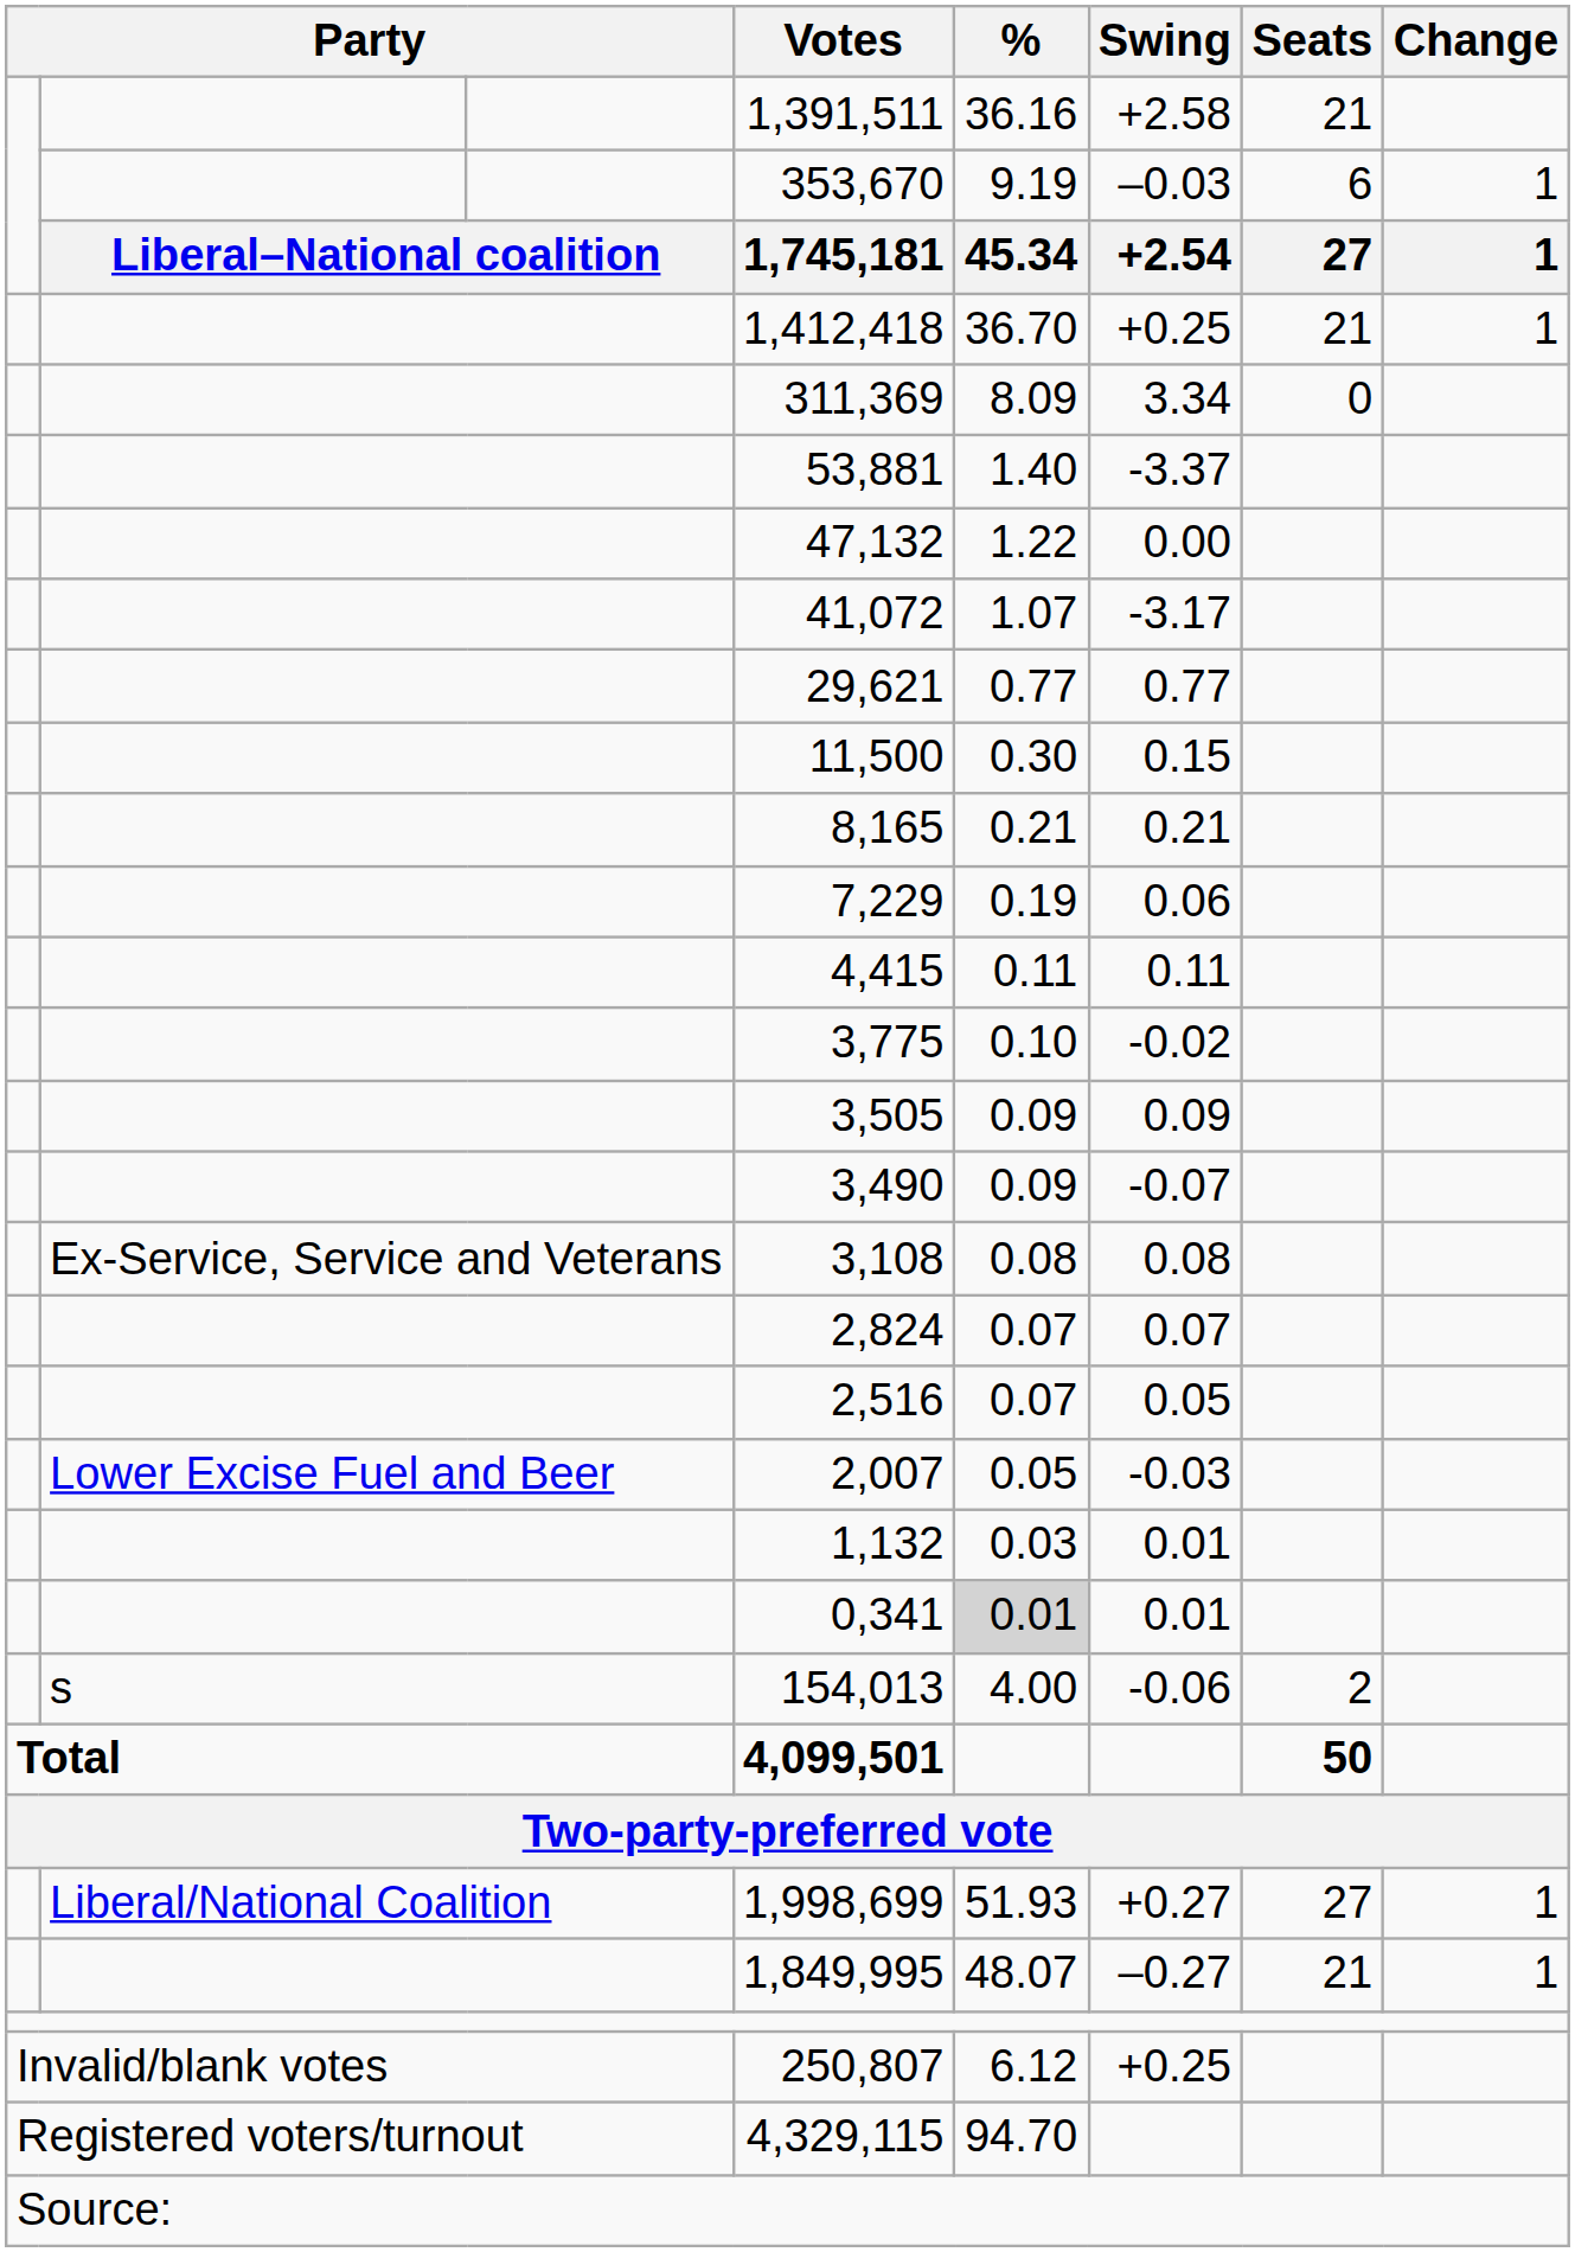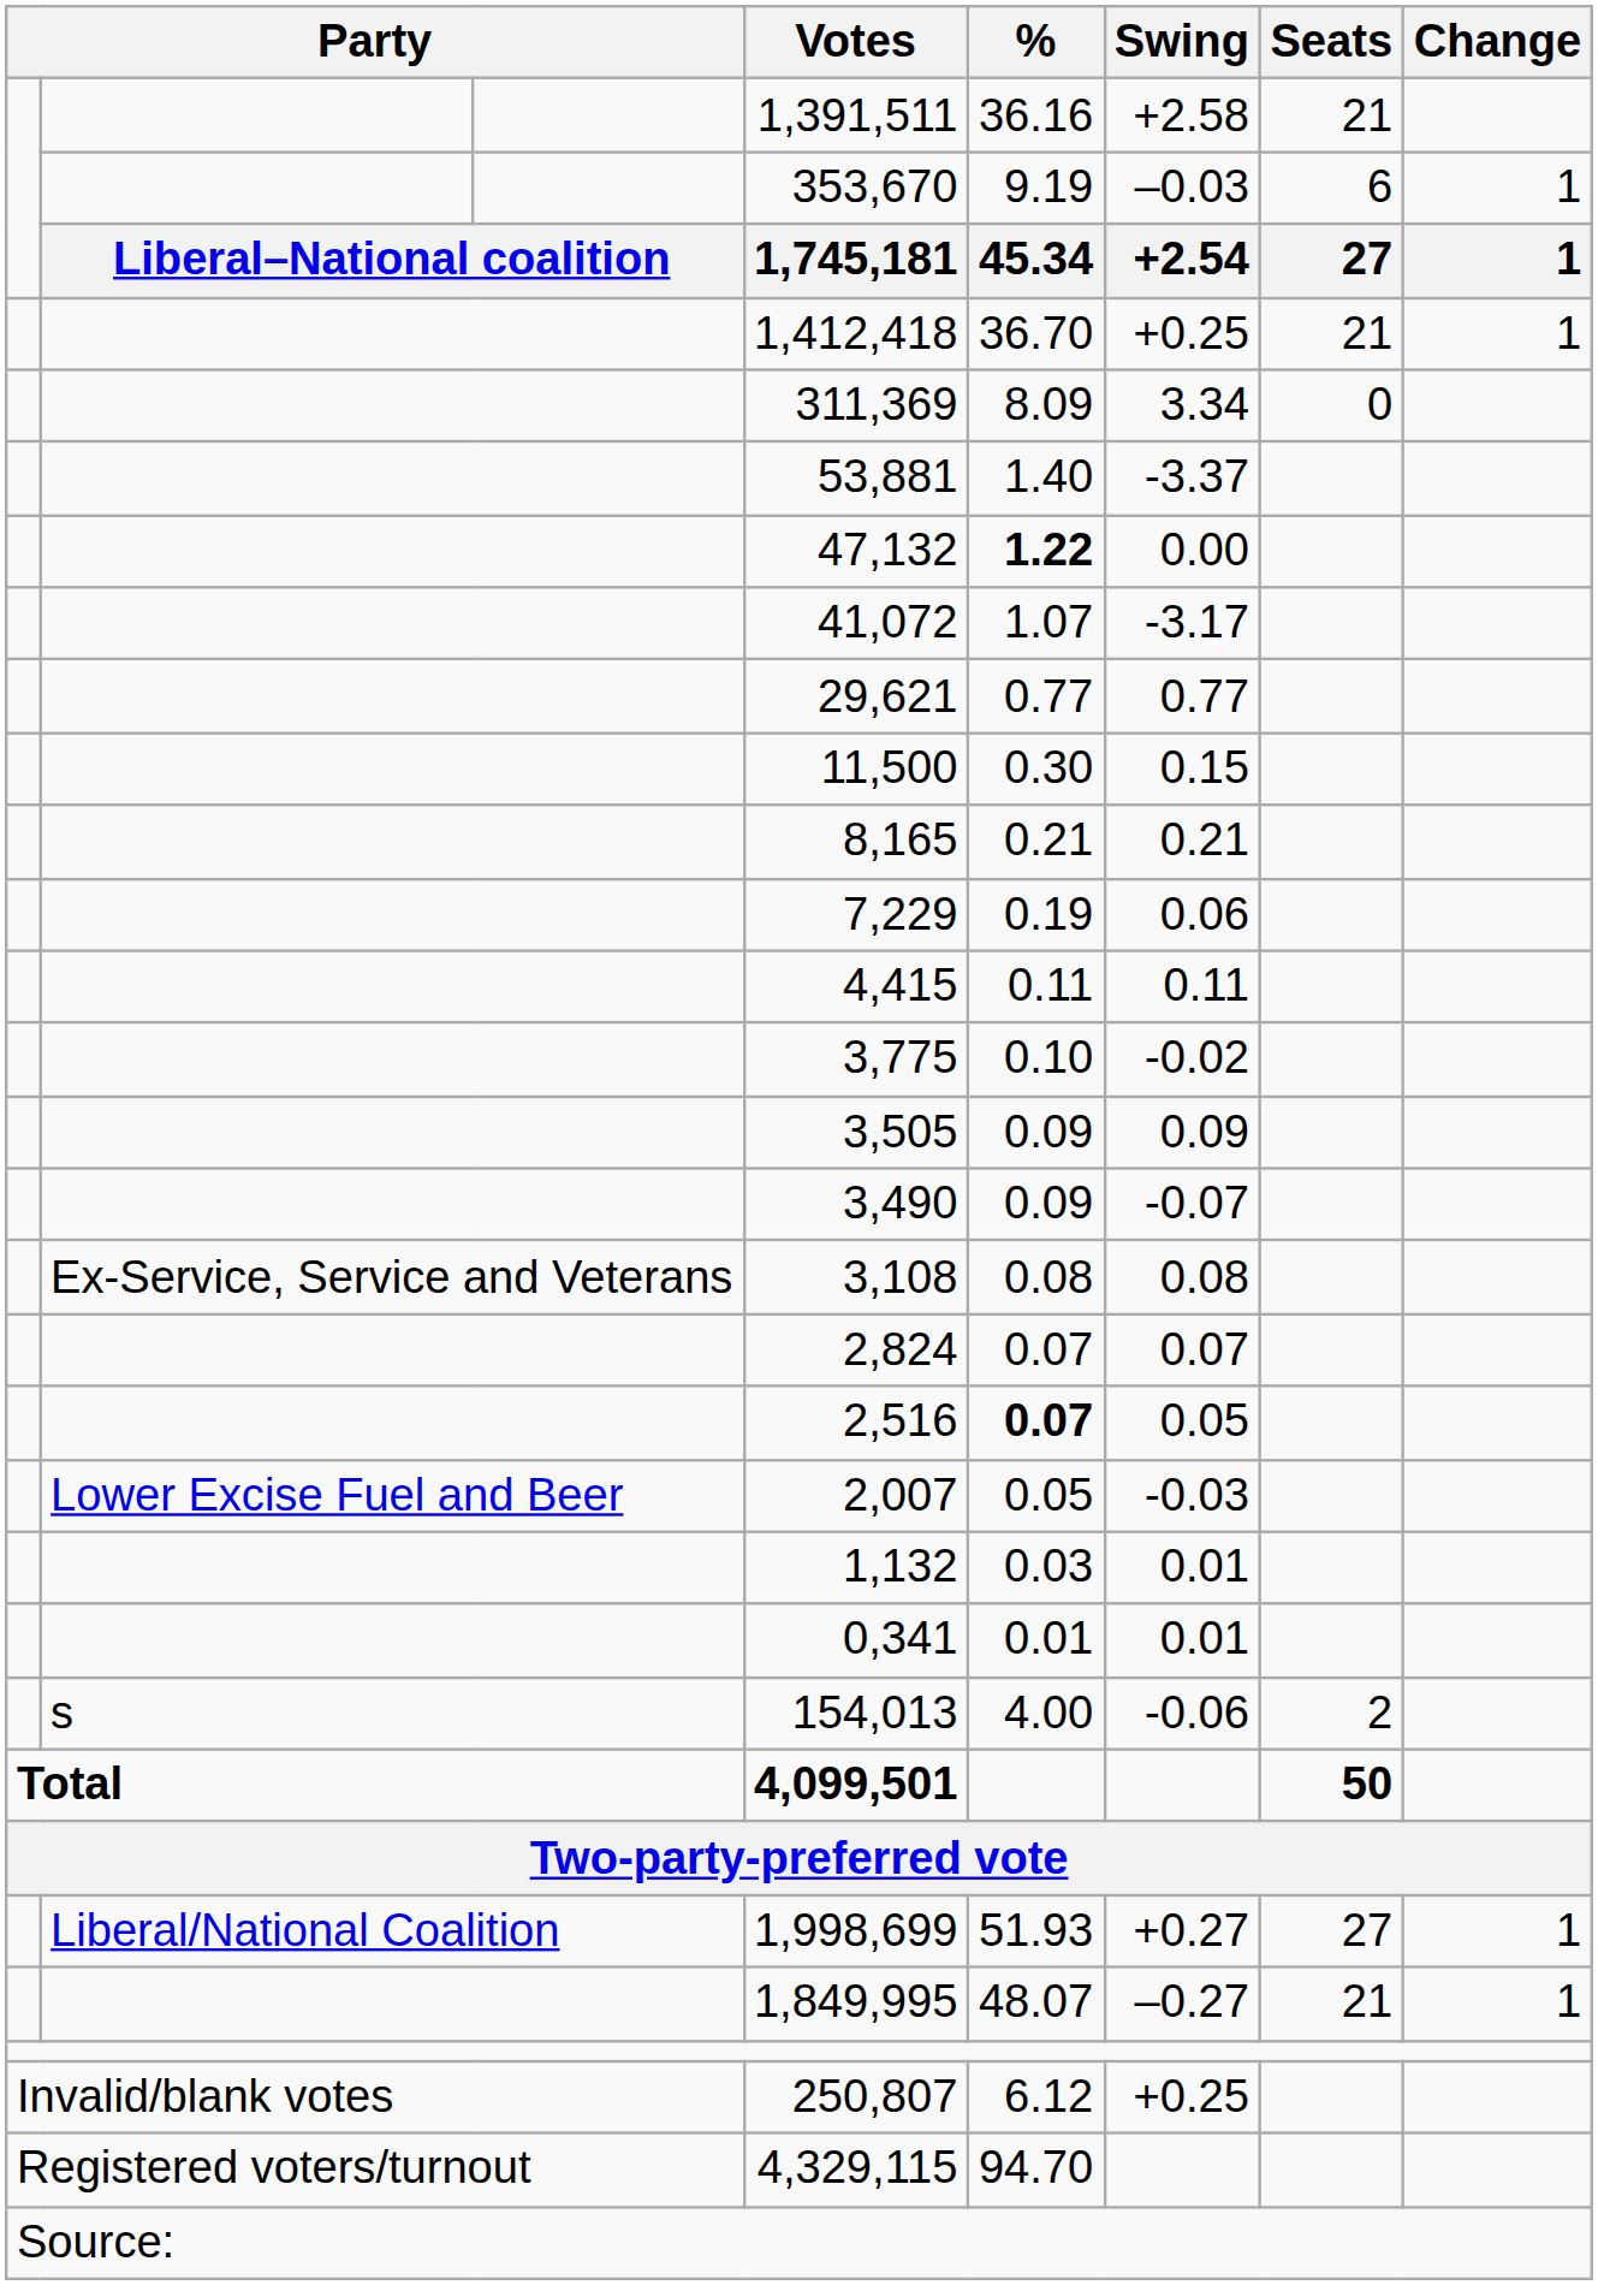 <table class="wikitable">
 <tr>
 <th colspan="3" style="width:200px">Party</th>
 <th style="width:70px; text-align:center;">Votes</th>
 <th style="width:40px; text-align:center;">%</th>
 <th style="width:40px; text-align:center;">Swing</th>
 <th style="width:40px; text-align:center;">Seats</th>
 <th style="width:40px; text-align:center;">Change</th>
 </tr>
 <tr>
 <td rowspan=3></td>
 <td> </td>
 <td></td>
 <td align=right>1,391,511</td>
 <td align=right>36.16</td>
 <td align=right>+2.58</td>
 <td align=right>21</td>
 <td align=right></td>
 </tr>
 <tr>
 <td> </td>
 <td></td>
 <td align=right>353,670</td>
 <td align=right>9.19</td>
 <td align=right>–0.03</td>
 <td align=right>6</td>
 <td align=right> 1</td>
 </tr>
 <tr>
 <th colspan=2><a href='#'>Liberal–National coalition</a></th>
 <th style="text-align:right;">1,745,181</th>
 <th style="text-align:right;">45.34</th>
 <th style="text-align:right;">+2.54</th>
 <th style="text-align:right;">27</th>
 <th style="text-align:right;"> 1</th>
 </tr>
 <tr>
 <td> </td>
 <td colspan="2"></td>
 <td align=right>1,412,418</td>
 <td align=right>36.70</td>
 <td align=right>+0.25</td>
 <td align=right>21</td>
 <td align=right> 1</td>
 </tr>
 <tr>
 <td> </td>
 <td colspan="2"></td>
 <td align=right>311,369</td>
 <td align=right>8.09</td>
 <td align=right>3.34</td>
 <td align=right>0</td>
 <td align=right></td>
 </tr>
 <tr>
 <td> </td>
 <td colspan="2"></td>
 <td align=right>53,881</td>
 <td align=right>1.40</td>
 <td align=right>-3.37</td>
 <td align=right></td>
 <td align=right></td>
 </tr>
 <tr>
 <td> </td>
 <td colspan="2"></td>
 <td align=right>47,132</td>
-<td align=right>1.22</td>
+<td align=right><strong>1.22</strong></td>
 <td align=right>0.00</td>
 <td align=right></td>
 <td align=right></td>
 </tr>
 <tr>
 <td> </td>
 <td colspan="2"></td>
 <td align=right>41,072</td>
 <td align=right>1.07</td>
 <td align=right>-3.17</td>
 <td align=right></td>
 <td align=right></td>
 </tr>
 <tr>
 <td> </td>
 <td colspan="2"></td>
 <td align=right>29,621</td>
 <td align=right>0.77</td>
 <td align=right>0.77</td>
 <td align=right></td>
 <td align=right></td>
 </tr>
 <tr>
 <td> </td>
 <td colspan="2"></td>
 <td align=right>11,500</td>
 <td align=right>0.30</td>
 <td align=right>0.15</td>
 <td align=right></td>
 <td align=right></td>
 </tr>
 <tr>
 <td> </td>
 <td colspan="2"></td>
 <td align=right>8,165</td>
 <td align=right>0.21</td>
 <td align=right>0.21</td>
 <td align=right></td>
 <td align=right></td>
 </tr>
 <tr>
 <td> </td>
 <td colspan="2"></td>
 <td align=right>7,229</td>
 <td align=right>0.19</td>
 <td align=right>0.06</td>
 <td align=right></td>
 <td align=right></td>
 </tr>
 <tr>
 <td> </td>
 <td colspan="2"></td>
 <td align=right>4,415</td>
 <td align=right>0.11</td>
 <td align=right>0.11</td>
 <td align=right></td>
 <td align=right></td>
 </tr>
 <tr>
 <td> </td>
 <td colspan="2"></td>
 <td align=right>3,775</td>
 <td align=right>0.10</td>
 <td align=right>-0.02</td>
 <td align=right></td>
 <td align=right></td>
 </tr>
 <tr>
 <td> </td>
 <td colspan="2"></td>
 <td align=right>3,505</td>
 <td align=right>0.09</td>
 <td align=right>0.09</td>
 <td align=right></td>
 <td align=right></td>
 </tr>
 <tr>
 <td> </td>
 <td colspan="2"></td>
 <td align=right>3,490</td>
 <td align=right>0.09</td>
 <td align=right>-0.07</td>
 <td align=right></td>
 <td align=right></td>
 </tr>
 <tr>
 <td> </td>
 <td colspan="2">Ex-Service, Service and Veterans</td>
 <td align=right>3,108</td>
 <td align=right>0.08</td>
 <td align=right>0.08</td>
 <td align=right></td>
 <td align=right></td>
 </tr>
 <tr>
 <td> </td>
 <td colspan="2"></td>
 <td align=right>2,824</td>
 <td align=right>0.07</td>
 <td align=right>0.07</td>
 <td align=right></td>
 <td align=right></td>
 </tr>
 <tr>
 <td> </td>
 <td colspan="2"></td>
 <td align=right>2,516</td>
-<td align=right>0.07</td>
+<td align=right><strong>0.07</strong></td>
 <td align=right>0.05</td>
 <td align=right></td>
 <td align=right></td>
 </tr>
 <tr>
 <td> </td>
 <td colspan="2"><a href='#'>Lower Excise Fuel and Beer</a></td>
 <td align=right>2,007</td>
 <td align=right>0.05</td>
 <td align=right>-0.03</td>
 <td align=right></td>
 <td align=right></td>
 </tr>
 <tr>
 <td> </td>
 <td colspan="2"></td>
 <td align=right>1,132</td>
 <td align=right>0.03</td>
 <td align=right>0.01</td>
 <td align=right></td>
 <td align=right></td>
 </tr>
 <tr>
 <td> </td>
 <td colspan="2"></td>
 <td align=right>0,341</td>
-<td align=right style="background: lightgrey;">0.01</td>
+<td align=right>0.01</td>
 <td align=right>0.01</td>
 <td align=right></td>
 <td align=right></td>
 </tr>
 <tr>
 <td> </td>
 <td colspan="2">s</td>
 <td align=right>154,013</td>
 <td align=right>4.00</td>
 <td align=right>-0.06</td>
 <td align=right>2</td>
 <td align=right></td>
 </tr>
 <tr>
 <td colspan="3" align="left"><strong>Total</strong></td>
 <td align=right><strong>4,099,501</strong></td>
 <td align=right></td>
 <td></td>
 <td align=right><strong>50</strong></td>
 <td></td>
 </tr>
 <tr>
 <th colspan="8"><a href='#'>Two-party-preferred vote</a></th>
 </tr>
 <tr>
 <td> </td>
 <td colspan="2" align="left"><a href='#'>Liberal/National Coalition</a></td>
 <td align=right>1,998,699</td>
 <td align=right>51.93</td>
 <td align=right>+0.27</td>
 <td align=right>27</td>
 <td align=right> 1</td>
 </tr>
 <tr>
 <td> </td>
 <td colspan="2" align="left"></td>
 <td align=right>1,849,995</td>
 <td align=right>48.07</td>
 <td align=right>–0.27</td>
 <td align=right>21</td>
 <td align=right> 1</td>
 </tr>
 <tr>
 <td colspan="8"></td>
 </tr>
 <tr>
 <td colspan="3" align="left">Invalid/blank votes</td>
 <td align=right>250,807</td>
 <td align=right>6.12</td>
 <td align=right>+0.25</td>
 <td></td>
 <td></td>
 </tr>
 <tr>
 <td colspan="3" align="left">Registered voters/turnout</td>
 <td align=right>4,329,115</td>
 <td align=right>94.70</td>
 <td></td>
 <td></td>
 <td></td>
 </tr>
 <tr>
 <td colspan="8" align="left">Source: </td>
 </tr>
 </table>
